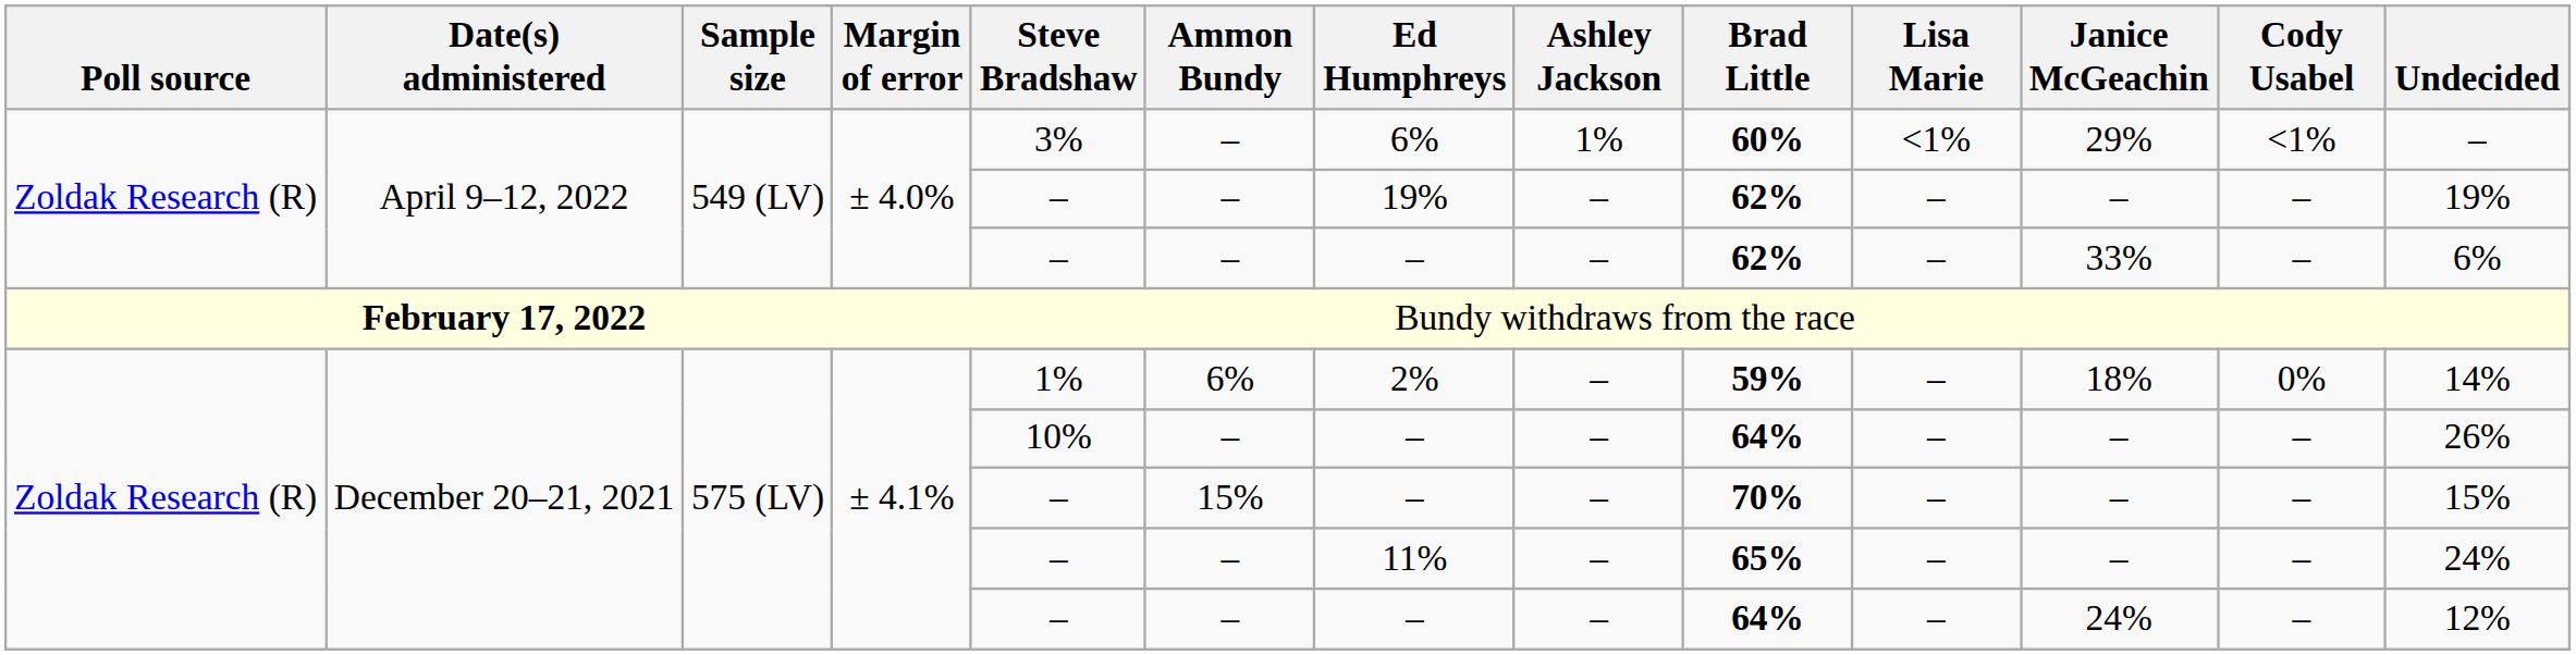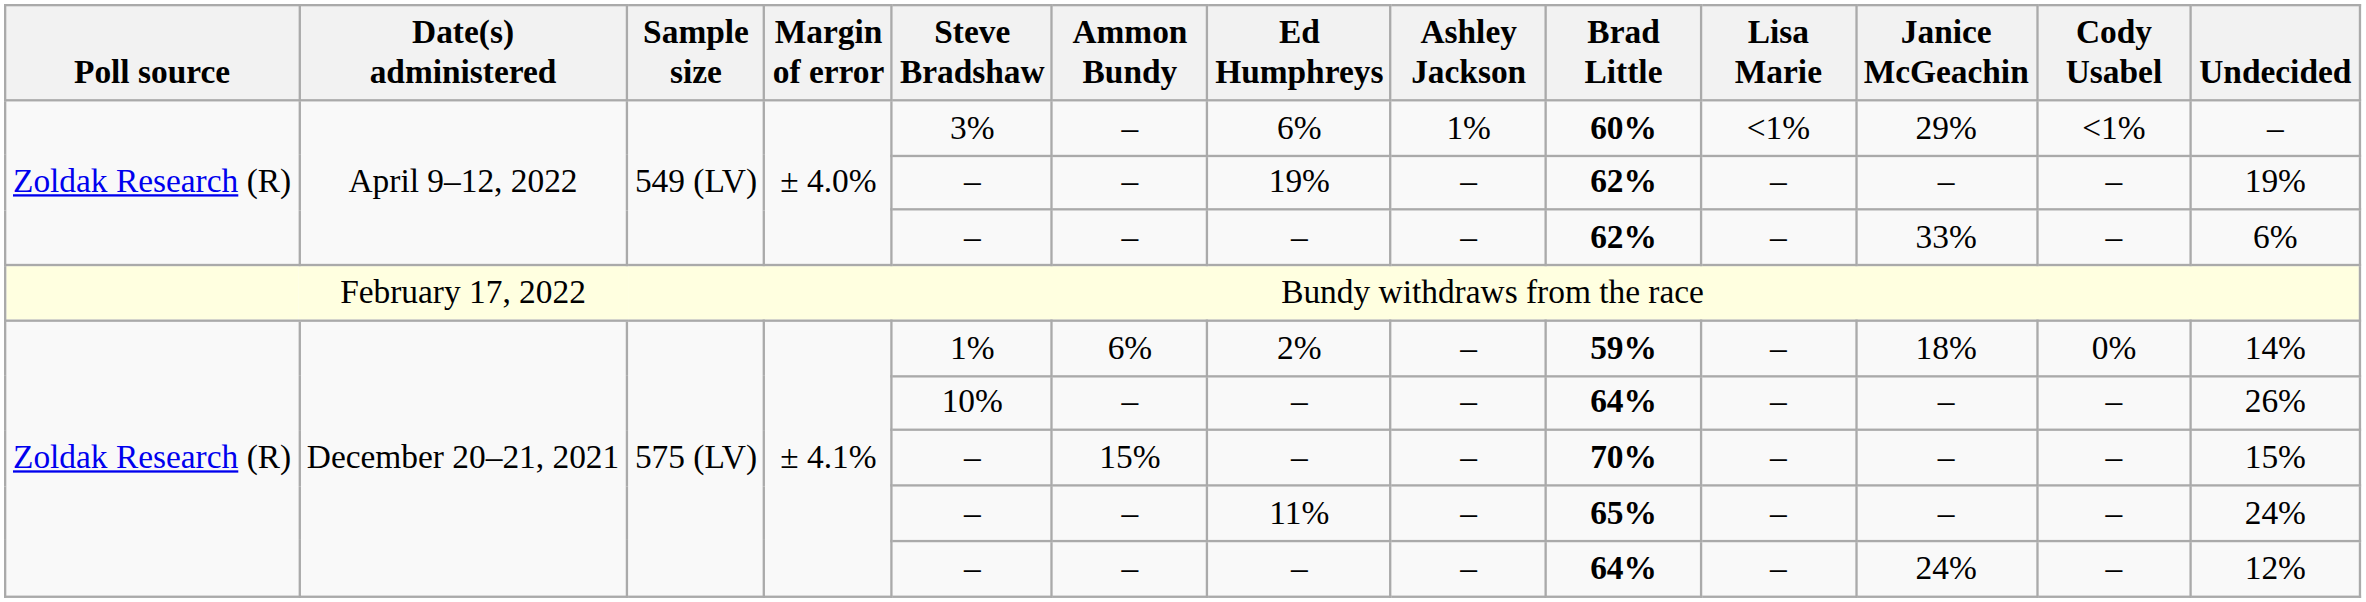 <table class="wikitable" style="font-size:90%;text-align:center;">
 <tr valign=bottom>
 <th>Poll source</th>
 <th>Date(s)<br>administered</th>
 <th>Sample<br>size</th>
 <th>Margin<br>of error</th>
 <th style="width:60px;">Steve<br>Bradshaw</th>
 <th style="width:60px;">Ammon<br>Bundy</th>
 <th style="width:60px;">Ed<br>Humphreys</th>
 <th style="width:60px;">Ashley<br>Jackson</th>
 <th style="width:60px;">Brad<br>Little</th>
 <th style="width:60px;">Lisa<br>Marie</th>
 <th style="width:60px;">Janice<br>McGeachin</th>
 <th style="width:60px;">Cody<br>Usabel</th>
 <th>Undecided</th>
 </tr>
 <tr>
 <td style="text-align:left;" rowspan="3"><a href='#'>Zoldak Research</a> (R)</td>
 <td rowspan="3">April 9–12, 2022</td>
 <td rowspan="3">549 (LV)</td>
 <td rowspan="3">± 4.0%</td>
 <td>3%</td>
 <td>–</td>
 <td>6%</td>
 <td>1%</td>
 <td><strong>60%</strong></td>
 <td><1%</td>
 <td>29%</td>
 <td><1%</td>
 <td>–</td>
 </tr>
 <tr>
 <td>–</td>
 <td>–</td>
 <td>19%</td>
 <td>–</td>
 <td><strong>62%</strong></td>
 <td>–</td>
 <td>–</td>
 <td>–</td>
 <td>19%</td>
 </tr>
 <tr>
 <td>–</td>
 <td>–</td>
 <td>–</td>
 <td>–</td>
 <td><strong>62%</strong></td>
 <td>–</td>
 <td>33%</td>
 <td>–</td>
 <td>6%</td>
 </tr>
 <tr>
 <td style="border-right-style:hidden; background:lightyellow;"></td>
-<td style="border-right-style:hidden; background:lightyellow;"><strong>February 17, 2022</strong></td>
+<td style="border-right-style:hidden; background:lightyellow;">February 17, 2022</td>
 <td colspan="17" style="background:lightyellow;">Bundy withdraws from the race</td>
 </tr>
 <tr>
 <td style="text-align:left;" rowspan="5"><a href='#'>Zoldak Research</a> (R)</td>
 <td rowspan="5">December 20–21, 2021</td>
 <td rowspan="5">575 (LV)</td>
 <td rowspan="5">± 4.1%</td>
 <td>1%</td>
 <td>6%</td>
 <td>2%</td>
 <td>–</td>
 <td><strong>59%</strong></td>
 <td>–</td>
 <td>18%</td>
 <td>0%</td>
 <td>14%</td>
 </tr>
 <tr>
 <td>10%</td>
 <td>–</td>
 <td>–</td>
 <td>–</td>
 <td><strong>64%</strong></td>
 <td>–</td>
 <td>–</td>
 <td>–</td>
 <td>26%</td>
 </tr>
 <tr>
 <td>–</td>
 <td>15%</td>
 <td>–</td>
 <td>–</td>
 <td><strong>70%</strong></td>
 <td>–</td>
 <td>–</td>
 <td>–</td>
 <td>15%</td>
 </tr>
 <tr>
 <td>–</td>
 <td>–</td>
 <td>11%</td>
 <td>–</td>
 <td><strong>65%</strong></td>
 <td>–</td>
 <td>–</td>
 <td>–</td>
 <td>24%</td>
 </tr>
 <tr>
 <td>–</td>
 <td>–</td>
 <td>–</td>
 <td>–</td>
 <td><strong>64%</strong></td>
 <td>–</td>
 <td>24%</td>
 <td>–</td>
 <td>12%</td>
 </tr>
 </table>
